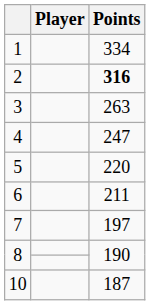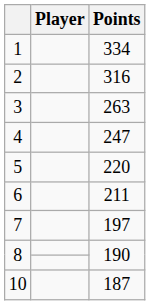 <table class="wikitable plainrowheaders" style="font-size:90%;">
 <tr>
 <th scope=col></th>
 <th scope=col>Player</th>
 <th scope=col>Points</th>
 </tr>
 <tr>
 <td align=center>1</td>
 <td> </td>
 <td align=center>334</td>
 </tr>
 <tr>
 <td align=center>2</td>
 <td> </td>
-<td align=center><strong>316</strong></td>
+<td align=center>316</td>
 </tr>
 <tr>
 <td align=center>3</td>
 <td> </td>
 <td align=center>263</td>
 </tr>
 <tr>
 <td align=center>4</td>
 <td> </td>
 <td align=center>247</td>
 </tr>
 <tr>
 <td align=center>5</td>
 <td> </td>
 <td align=center>220</td>
 </tr>
 <tr>
 <td align=center>6</td>
 <td> </td>
 <td align=center>211</td>
 </tr>
 <tr>
 <td align=center>7</td>
 <td> </td>
 <td align=center>197</td>
 </tr>
 <tr>
 <td align=center rowspan="2">8</td>
 <td> </td>
 <td align=center rowspan="2">190</td>
 </tr>
 <tr>
 <td> </td>
 </tr>
 <tr>
 <td align=center>10</td>
 <td> </td>
 <td align=center>187</td>
 </tr>
 </table>
